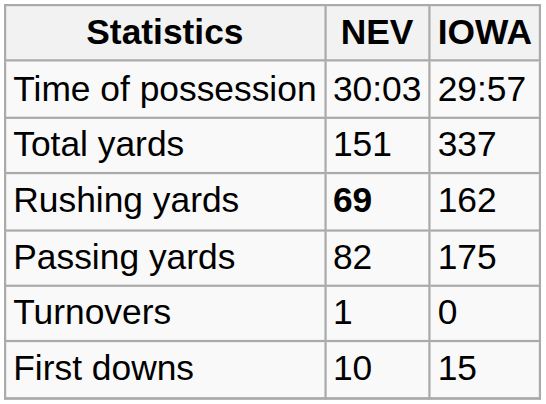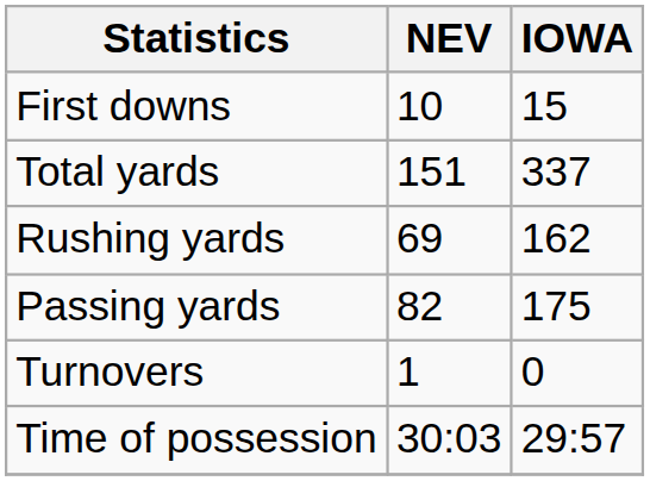 <table class="wikitable">
 <tr>
 <th>Statistics</th>
 <th>NEV</th>
 <th>IOWA</th>
 </tr>
 <tr>
-<td>Time of possession</td>
-<td>30:03</td>
-<td>29:57</td>
+<td>First downs</td>
+<td>10</td>
+<td>15</td>
 </tr>
 <tr>
 <td>Total yards</td>
 <td>151</td>
 <td>337</td>
 </tr>
 <tr>
 <td>Rushing yards</td>
-<td><strong>69</strong></td>
+<td>69</td>
 <td>162</td>
 </tr>
 <tr>
 <td>Passing yards</td>
 <td>82</td>
 <td>175</td>
 </tr>
 <tr>
 <td>Turnovers</td>
 <td>1</td>
 <td>0</td>
 </tr>
 <tr>
-<td>First downs</td>
-<td>10</td>
-<td>15</td>
+<td>Time of possession</td>
+<td>30:03</td>
+<td>29:57</td>
 </tr>
 <tr>
 </tr>
 </table>
